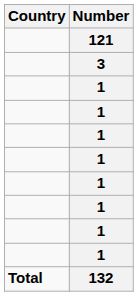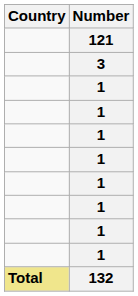 <table class="wikitable centre sortable">
 <tr>
 <th>Country</th>
 <th>Number</th>
 </tr>
 <tr>
 <td></td>
 <th>121</th>
 </tr>
 <tr>
 <td></td>
 <th>3</th>
 </tr>
 <tr>
 <td></td>
 <th>1</th>
 </tr>
 <tr>
 <td></td>
 <th>1</th>
 </tr>
 <tr>
 <td></td>
 <th>1</th>
 </tr>
 <tr>
 <td></td>
 <th>1</th>
 </tr>
 <tr>
 <td></td>
 <th>1</th>
 </tr>
 <tr>
 <td></td>
 <th>1</th>
 </tr>
 <tr>
 <td></td>
 <th>1</th>
 </tr>
 <tr>
 <td></td>
 <th>1</th>
 </tr>
 <tr class="sortbottom">
-<td><strong>Total</strong></td>
+<td style="background: khaki;"><strong>Total</strong></td>
 <th>132</th>
 </tr>
 </table>
